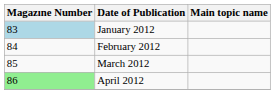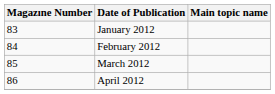 <table class="wikitable">
 <tr>
 <th>Magazıne Number</th>
 <th>Date of Publication</th>
 <th>Main topic name</th>
 </tr>
 <tr>
-<td style="background: lightblue;">83</td>
+<td>83</td>
 <td>January 2012</td>
 <td></td>
 </tr>
 <tr>
 <td>84</td>
 <td>February 2012</td>
 <td></td>
 </tr>
 <tr>
 <td>85</td>
 <td>March 2012</td>
 <td></td>
 </tr>
 <tr>
-<td style="background: lightgreen;">86</td>
+<td>86</td>
 <td>April 2012</td>
 <td></td>
 </tr>
 <tr>
 </tr>
 </table>
